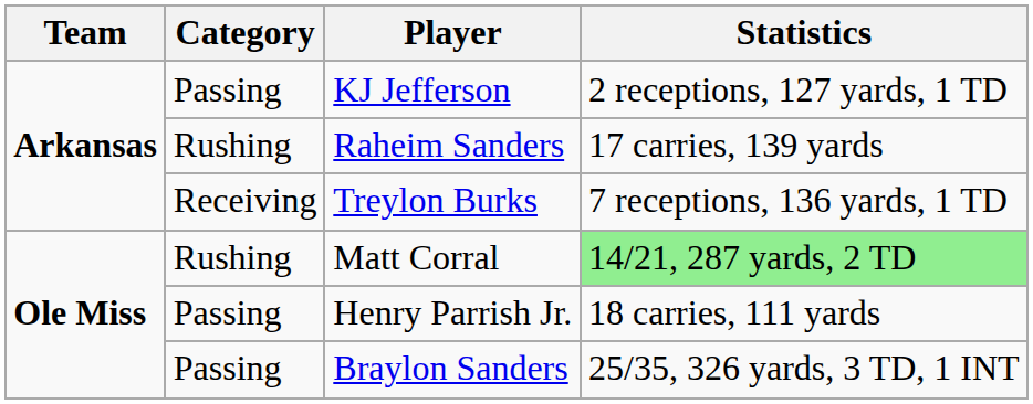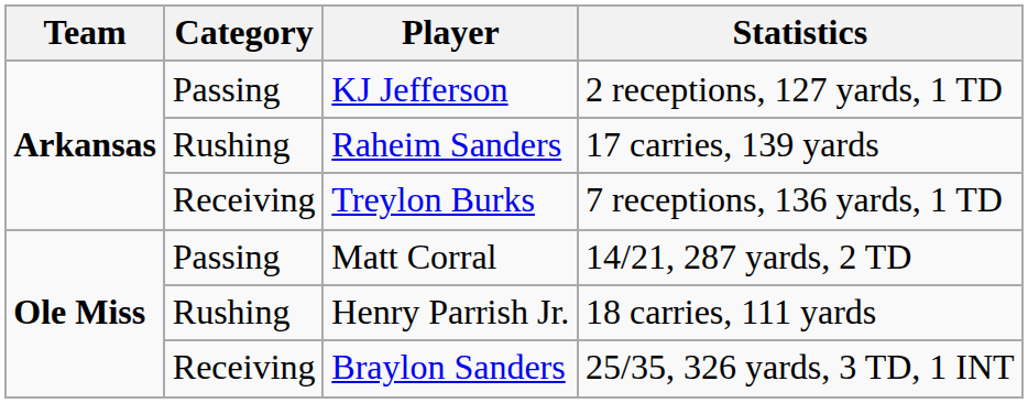 <table class="wikitable" style="float: right;">
 <tr>
 <th>Team</th>
 <th>Category</th>
 <th>Player</th>
 <th>Statistics</th>
 </tr>
 <tr>
 <td rowspan=3><strong>Arkansas</strong></td>
 <td>Passing</td>
 <td><a href='#'>KJ Jefferson</a></td>
 <td>2 receptions, 127 yards, 1 TD</td>
 </tr>
 <tr>
 <td>Rushing</td>
 <td><a href='#'>Raheim Sanders</a></td>
 <td>17 carries, 139 yards</td>
 </tr>
 <tr>
 <td>Receiving</td>
 <td><a href='#'>Treylon Burks</a></td>
 <td>7 receptions, 136 yards, 1 TD</td>
 </tr>
 <tr>
 <td rowspan=3><strong>Ole Miss</strong></td>
-<td>Rushing</td>
+<td>Passing</td>
 <td>Matt Corral</td>
-<td style="background: lightgreen;">14/21, 287 yards, 2 TD</td>
+<td>14/21, 287 yards, 2 TD</td>
 </tr>
 <tr>
-<td>Passing</td>
+<td>Rushing</td>
 <td>Henry Parrish Jr.</td>
 <td>18 carries, 111 yards</td>
 </tr>
 <tr>
-<td>Passing</td>
+<td>Receiving</td>
 <td><a href='#'>Braylon Sanders</a></td>
 <td>25/35, 326 yards, 3 TD, 1 INT</td>
 </tr>
 </table>
